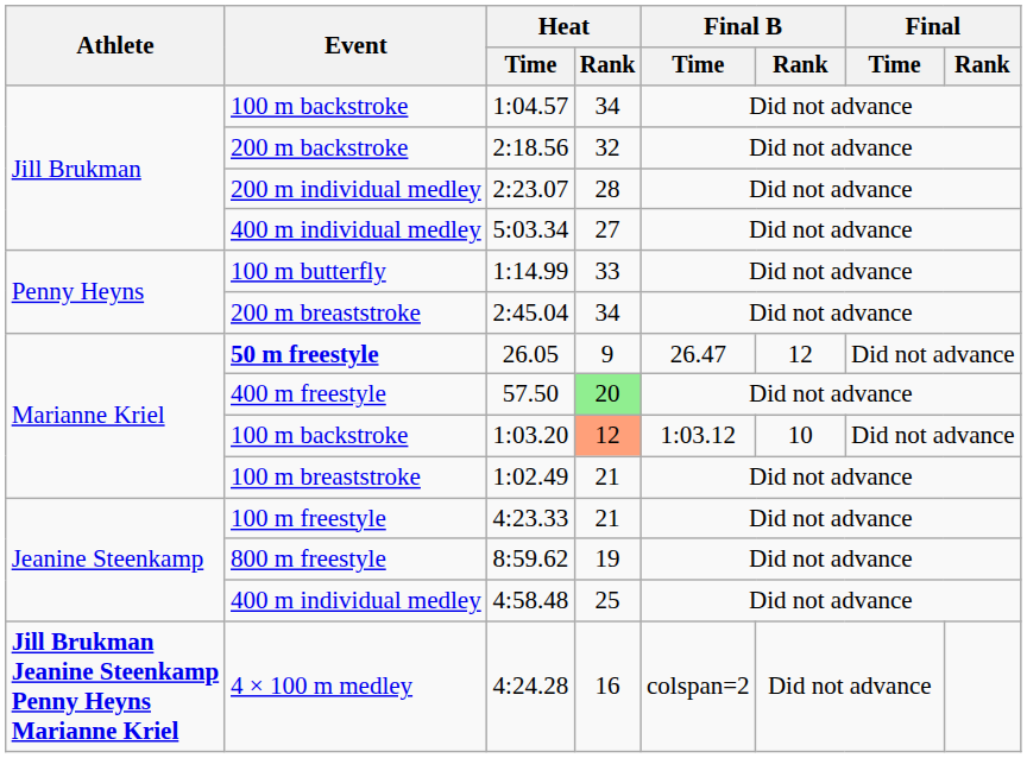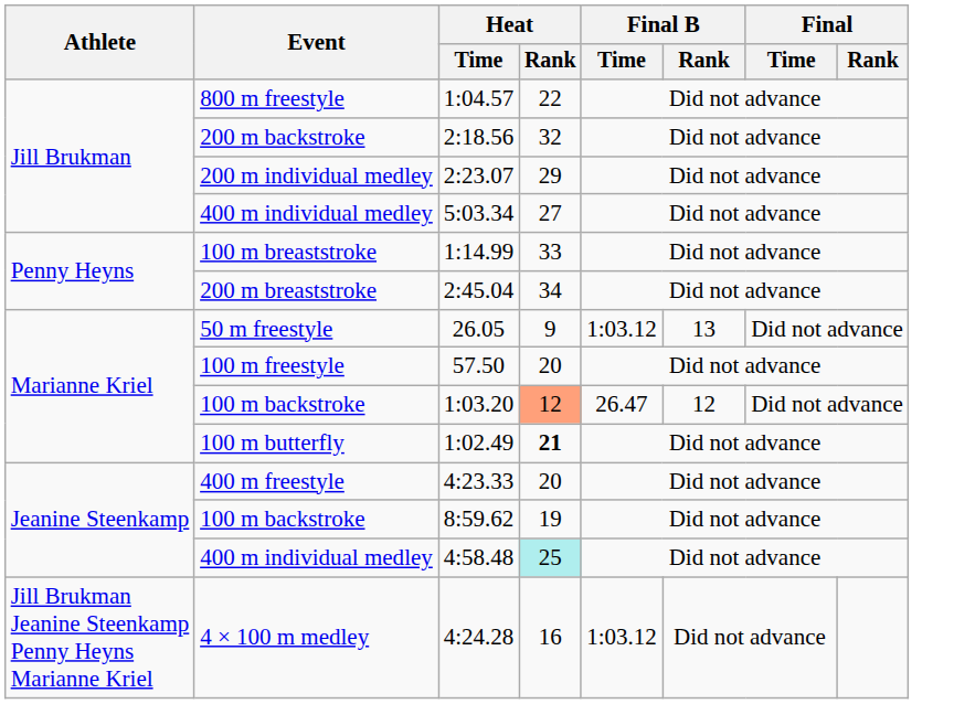 <table class=wikitable style="font-size:90%">
 <tr>
 <th rowspan="2">Athlete</th>
 <th rowspan="2">Event</th>
 <th colspan="2">Heat</th>
 <th colspan="2">Final B</th>
 <th colspan="2">Final</th>
 </tr>
 <tr style="font-size:95%">
 <th>Time</th>
 <th>Rank</th>
 <th>Time</th>
 <th>Rank</th>
 <th>Time</th>
 <th>Rank</th>
 </tr>
 <tr align=center>
 <td align=left rowspan=4><a href='#'>Jill Brukman</a></td>
-<td align=left><a href='#'>100 m backstroke</a></td>
+<td align=left><a href='#'>800 m freestyle</a></td>
 <td>1:04.57</td>
-<td>34</td>
+<td>22</td>
 <td colspan=4>Did not advance</td>
 </tr>
 <tr align=center>
 <td align=left><a href='#'>200 m backstroke</a></td>
 <td>2:18.56</td>
 <td>32</td>
 <td colspan=4>Did not advance</td>
 </tr>
 <tr align=center>
 <td align=left><a href='#'>200 m individual medley</a></td>
 <td>2:23.07</td>
-<td>28</td>
+<td>29</td>
 <td colspan=4>Did not advance</td>
 </tr>
 <tr align=center>
 <td align=left><a href='#'>400 m individual medley</a></td>
 <td>5:03.34</td>
 <td>27</td>
 <td colspan=4>Did not advance</td>
 </tr>
 <tr align=center>
 <td align=left rowspan=2><a href='#'>Penny Heyns</a></td>
-<td align=left><a href='#'>100 m butterfly</a></td>
+<td align=left><a href='#'>100 m breaststroke</a></td>
 <td>1:14.99</td>
 <td>33</td>
 <td colspan=4>Did not advance</td>
 </tr>
 <tr align=center>
 <td align=left><a href='#'>200 m breaststroke</a></td>
 <td>2:45.04</td>
 <td>34</td>
 <td colspan=4>Did not advance</td>
 </tr>
 <tr align=center>
 <td align=left rowspan=4><a href='#'>Marianne Kriel</a></td>
-<td align=left><strong><a href='#'>50 m freestyle</a></strong></td>
+<td align=left><a href='#'>50 m freestyle</a></td>
 <td>26.05</td>
 <td>9</td>
-<td>26.47</td>
-<td>12</td>
+<td>1:03.12</td>
+<td>13</td>
 <td colspan=2>Did not advance</td>
 </tr>
 <tr align=center>
-<td align=left><a href='#'>400 m freestyle</a></td>
+<td align=left><a href='#'>100 m freestyle</a></td>
 <td>57.50</td>
-<td style="background: lightgreen;">20</td>
+<td>20</td>
 <td colspan=4>Did not advance</td>
 </tr>
 <tr align=center>
 <td align=left><a href='#'>100 m backstroke</a></td>
 <td>1:03.20</td>
 <td style="background: lightsalmon;">12</td>
-<td>1:03.12</td>
-<td>10</td>
+<td>26.47</td>
+<td>12</td>
 <td colspan=2>Did not advance</td>
 </tr>
 <tr align=center>
-<td align=left><a href='#'>100 m breaststroke</a></td>
+<td align=left><a href='#'>100 m butterfly</a></td>
 <td>1:02.49</td>
-<td>21</td>
+<td><strong>21</strong></td>
 <td colspan=4>Did not advance</td>
 </tr>
 <tr align=center>
 <td align=left rowspan=3><a href='#'>Jeanine Steenkamp</a></td>
-<td align=left><a href='#'>100 m freestyle</a></td>
+<td align=left><a href='#'>400 m freestyle</a></td>
 <td>4:23.33</td>
-<td>21</td>
+<td>20</td>
 <td colspan=4>Did not advance</td>
 </tr>
 <tr align=center>
-<td align=left><a href='#'>800 m freestyle</a></td>
+<td align=left><a href='#'>100 m backstroke</a></td>
 <td>8:59.62</td>
 <td>19</td>
 <td colspan=4>Did not advance</td>
 </tr>
 <tr align=center>
 <td align=left><a href='#'>400 m individual medley</a></td>
 <td>4:58.48</td>
-<td>25</td>
+<td style="background: paleturquoise;">25</td>
 <td colspan=4>Did not advance</td>
 </tr>
 <tr align=center>
-<td align=left rowspan=1><strong><a href='#'>Jill Brukman</a><br><a href='#'>Jeanine Steenkamp</a><br><a href='#'>Penny Heyns</a><br><a href='#'>Marianne Kriel</a></strong></td>
+<td align=left rowspan=1><a href='#'>Jill Brukman</a><br><a href='#'>Jeanine Steenkamp</a><br><a href='#'>Penny Heyns</a><br><a href='#'>Marianne Kriel</a></td>
 <td align=left><a href='#'>4 × 100 m medley</a></td>
 <td>4:24.28</td>
 <td>16</td>
-<td>colspan=2 </td>
+<td>1:03.12</td>
 <td colspan=2>Did not advance</td>
 </tr>
 </table>
